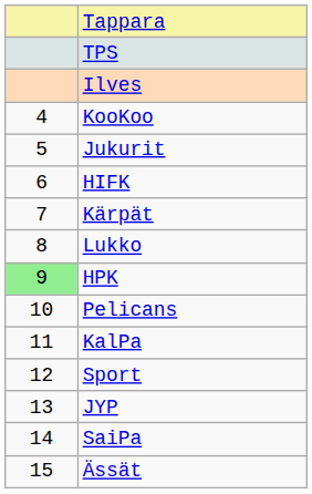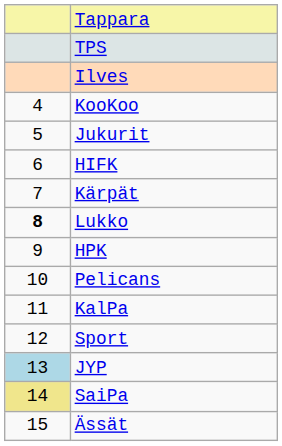 <table class="wikitable" style="width:200px;">
 <tr style="background:#F7F6A8;">
 <td align=center></td>
 <td><a href='#'>Tappara</a></td>
 </tr>
 <tr style="background:#DCE5E5;">
 <td align=center></td>
 <td><a href='#'>TPS</a></td>
 </tr>
 <tr style="background:#FFDAB9;">
 <td align=center></td>
 <td><a href='#'>Ilves</a></td>
 </tr>
 <tr>
 <td align=center>4</td>
 <td><a href='#'>KooKoo</a></td>
 </tr>
 <tr>
 <td align=center>5</td>
 <td><a href='#'>Jukurit</a></td>
 </tr>
 <tr>
 <td align=center>6</td>
 <td><a href='#'>HIFK</a></td>
 </tr>
 <tr>
 <td align=center>7</td>
 <td><a href='#'>Kärpät</a></td>
 </tr>
 <tr>
-<td align=center>8</td>
+<td align=center><strong>8</strong></td>
 <td><a href='#'>Lukko</a></td>
 </tr>
 <tr>
-<td align=center style="background: lightgreen;">9</td>
+<td align=center>9</td>
 <td><a href='#'>HPK</a></td>
 </tr>
 <tr>
 <td align=center>10</td>
 <td><a href='#'>Pelicans</a></td>
 </tr>
 <tr>
 <td align=center>11</td>
 <td><a href='#'>KalPa</a></td>
 </tr>
 <tr>
 <td align=center>12</td>
 <td><a href='#'>Sport</a></td>
 </tr>
 <tr>
-<td align=center>13</td>
+<td align=center style="background: lightblue;">13</td>
 <td><a href='#'>JYP</a></td>
 </tr>
 <tr>
-<td align=center>14</td>
+<td align=center style="background: khaki;">14</td>
 <td><a href='#'>SaiPa</a></td>
 </tr>
 <tr>
 <td align=center>15</td>
 <td><a href='#'>Ässät</a></td>
 </tr>
 </table>
